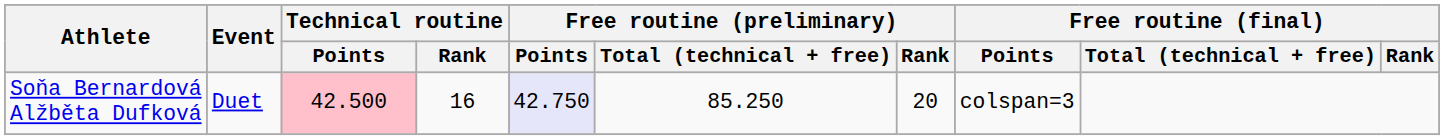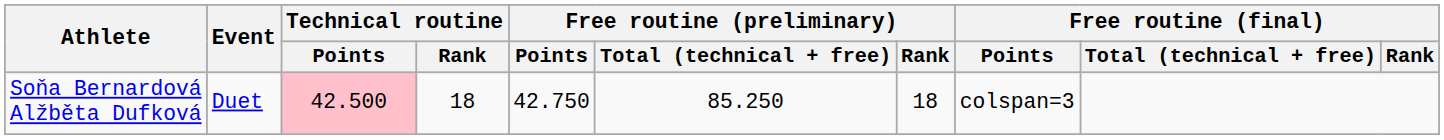 <table class="wikitable" style="font-size:90%">
 <tr>
 <th rowspan="2">Athlete</th>
 <th rowspan="2">Event</th>
 <th colspan=2>Technical routine</th>
 <th colspan=3>Free routine (preliminary)</th>
 <th colspan=3>Free routine (final)</th>
 </tr>
 <tr style="font-size:95%">
 <th>Points</th>
 <th>Rank</th>
 <th>Points</th>
 <th>Total (technical + free)</th>
 <th>Rank</th>
 <th>Points</th>
 <th>Total (technical + free)</th>
 <th>Rank</th>
 </tr>
 <tr align=center>
 <td align=left><a href='#'>Soňa Bernardová</a><br><a href='#'>Alžběta Dufková</a></td>
 <td align=left><a href='#'>Duet</a></td>
 <td style="background: pink;">42.500</td>
-<td>16</td>
-<td style="background: lavender;">42.750</td>
+<td>18</td>
+<td>42.750</td>
 <td>85.250</td>
-<td>20</td>
+<td>18</td>
 <td>colspan=3 </td>
 </tr>
 </table>
